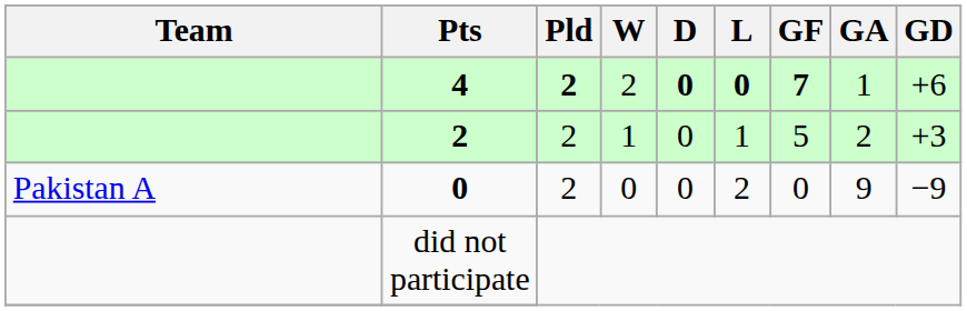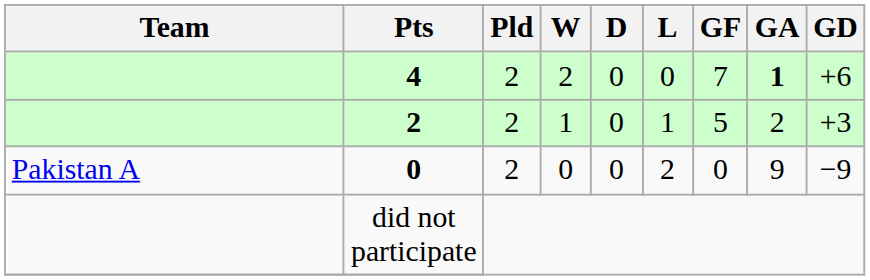 <table class="wikitable" style="text-align:center;">
 <tr>
 <th width=175>Team</th>
 <th width=20 abbr="Points">Pts</th>
 <th width=20 abbr="Played">Pld</th>
 <th width=20 abbr="Won">W</th>
 <th width=20 abbr="Drawn">D</th>
 <th width=20 abbr="Lost">L</th>
 <th width=20 abbr="Goals for">GF</th>
 <th width=20 abbr="Goals against">GA</th>
 <th width=20 abbr="Goal difference">GD</th>
 </tr>
 <tr bgcolor=#CCFFCC>
 <td style="text-align:left;"></td>
 <td><strong>4</strong></td>
-<td><strong>2</strong></td>
 <td>2</td>
-<td><strong>0</strong></td>
-<td><strong>0</strong></td>
-<td><strong>7</strong></td>
-<td>1</td>
+<td>2</td>
+<td>0</td>
+<td>0</td>
+<td>7</td>
+<td><strong>1</strong></td>
 <td>+6</td>
 </tr>
 <tr bgcolor=#CCFFCC>
 <td style="text-align:left;"></td>
 <td><strong>2</strong></td>
 <td>2</td>
 <td>1</td>
 <td>0</td>
 <td>1</td>
 <td>5</td>
 <td>2</td>
 <td>+3</td>
 </tr>
 <tr>
 <td style="text-align:left;"> <a href='#'>Pakistan A</a></td>
 <td><strong>0</strong></td>
 <td>2</td>
 <td>0</td>
 <td>0</td>
 <td>2</td>
 <td>0</td>
 <td>9</td>
 <td>−9</td>
 </tr>
 <tr>
 <td style="text-align:left;"></td>
 <td>did not participate</td>
 </tr>
 <tr>
 </tr>
 </table>
